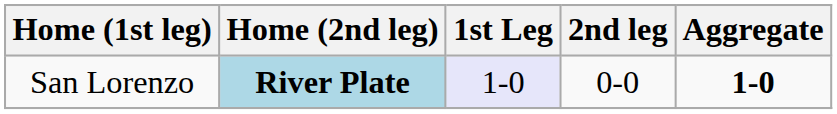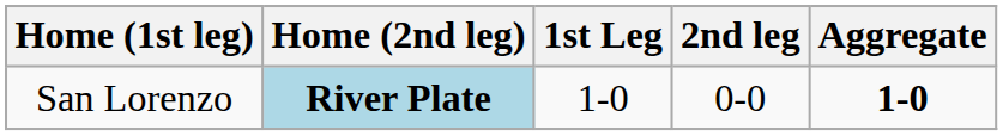 <table class="wikitable" style="text-align: center;">
 <tr>
 <th>Home (1st leg)</th>
 <th>Home (2nd leg)</th>
 <th>1st Leg</th>
 <th>2nd leg</th>
 <th>Aggregate</th>
 </tr>
 <tr>
 <td>San Lorenzo</td>
 <td bgcolor="lightblue"><strong>River Plate</strong></td>
-<td style="background: lavender;">1-0</td>
+<td>1-0</td>
 <td>0-0</td>
 <td><strong>1-0</strong></td>
 </tr>
 <tr>
 </tr>
 </table>
